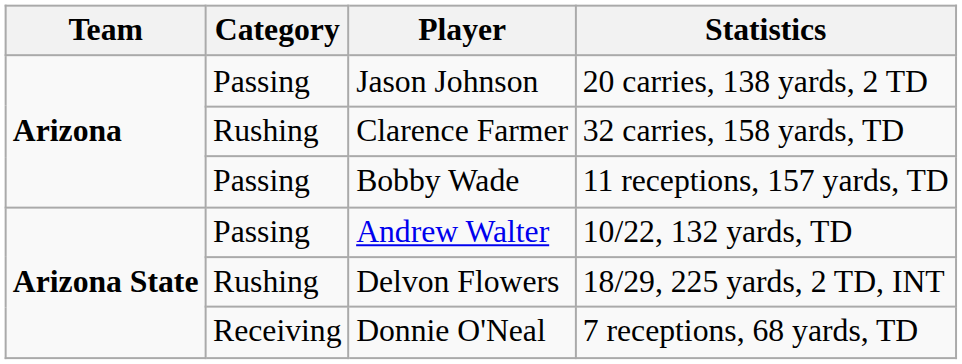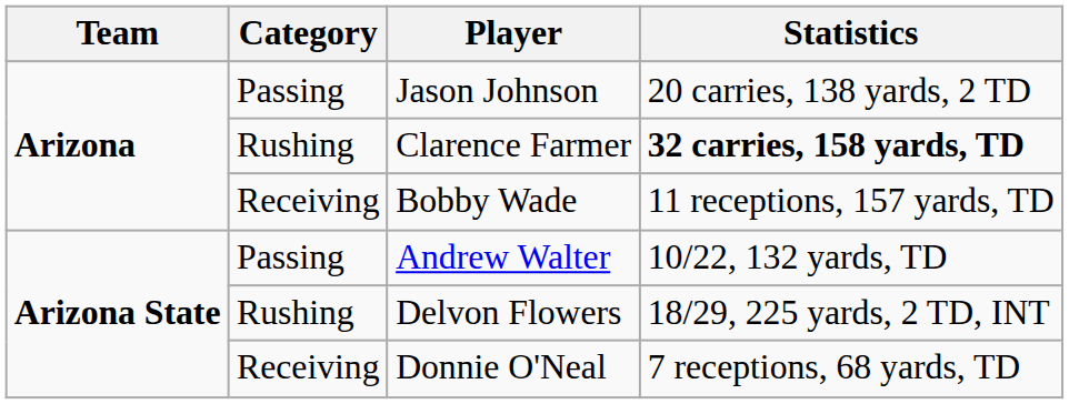 <table class="wikitable" style="float: right;">
 <tr>
 <th>Team</th>
 <th>Category</th>
 <th>Player</th>
 <th>Statistics</th>
 </tr>
 <tr>
 <td rowspan=3><strong>Arizona</strong></td>
 <td>Passing</td>
 <td>Jason Johnson</td>
 <td>20 carries, 138 yards, 2 TD</td>
 </tr>
 <tr>
 <td>Rushing</td>
 <td>Clarence Farmer</td>
-<td>32 carries, 158 yards, TD</td>
+<td><strong>32 carries, 158 yards, TD</strong></td>
 </tr>
 <tr>
-<td>Passing</td>
+<td>Receiving</td>
 <td>Bobby Wade</td>
 <td>11 receptions, 157 yards, TD</td>
 </tr>
 <tr>
 <td rowspan=3><strong>Arizona State</strong></td>
 <td>Passing</td>
 <td><a href='#'>Andrew Walter</a></td>
 <td>10/22, 132 yards, TD</td>
 </tr>
 <tr>
 <td>Rushing</td>
 <td>Delvon Flowers</td>
 <td>18/29, 225 yards, 2 TD, INT</td>
 </tr>
 <tr>
 <td>Receiving</td>
 <td>Donnie O'Neal</td>
 <td>7 receptions, 68 yards, TD</td>
 </tr>
 </table>
